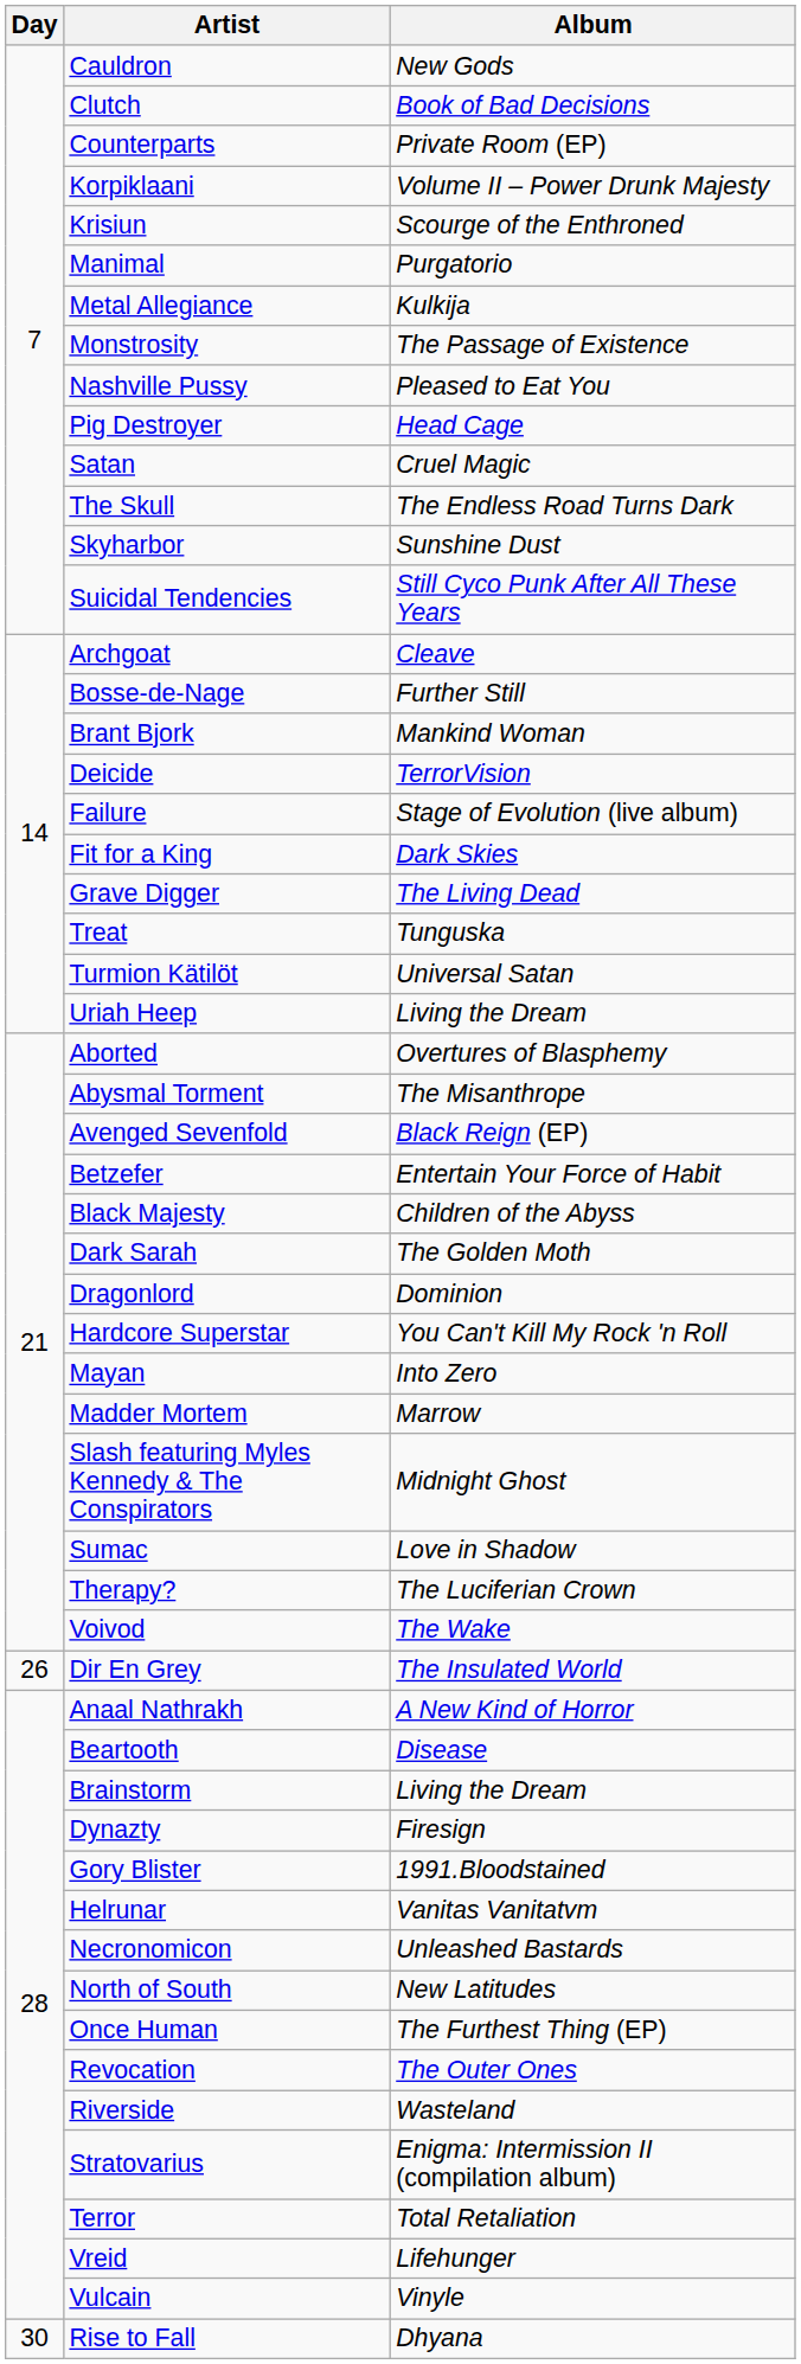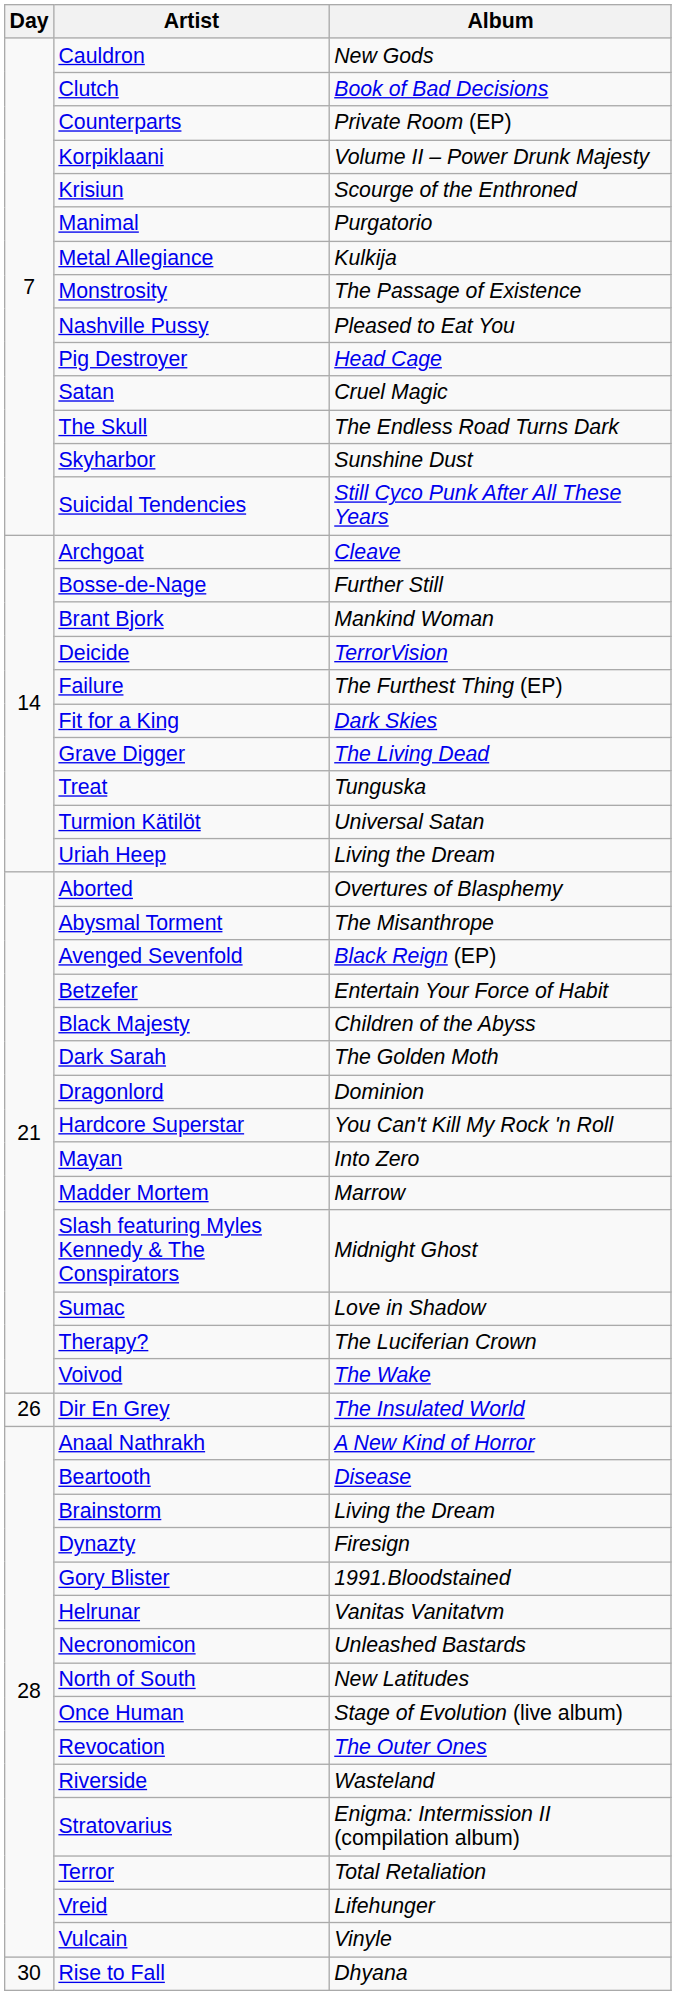 <table class="wikitable">
 <tr>
 <th style="width:20px;">Day</th>
 <th style="width:200px;">Artist</th>
 <th style="width:250px;">Album</th>
 </tr>
 <tr>
 <td style="text-align:center;" rowspan="14">7</td>
 <td><a href='#'>Cauldron</a></td>
 <td><em>New Gods</em></td>
 </tr>
 <tr>
 <td><a href='#'>Clutch</a></td>
 <td><em><a href='#'>Book of Bad Decisions</a></em></td>
 </tr>
 <tr>
 <td><a href='#'>Counterparts</a></td>
 <td><em>Private Room</em> (EP)</td>
 </tr>
 <tr>
 <td><a href='#'>Korpiklaani</a></td>
 <td><em>Volume II – Power Drunk Majesty</em></td>
 </tr>
 <tr>
 <td><a href='#'>Krisiun</a></td>
 <td><em>Scourge of the Enthroned</em></td>
 </tr>
 <tr>
 <td><a href='#'>Manimal</a></td>
 <td><em>Purgatorio</em></td>
 </tr>
 <tr>
 <td><a href='#'>Metal Allegiance</a></td>
 <td><em>Kulkija</em></td>
 </tr>
 <tr>
 <td><a href='#'>Monstrosity</a></td>
 <td><em>The Passage of Existence</em></td>
 </tr>
 <tr>
 <td><a href='#'>Nashville Pussy</a></td>
 <td><em>Pleased to Eat You</em></td>
 </tr>
 <tr>
 <td><a href='#'>Pig Destroyer</a></td>
 <td><em><a href='#'>Head Cage</a></em></td>
 </tr>
 <tr>
 <td><a href='#'>Satan</a></td>
 <td><em>Cruel Magic</em></td>
 </tr>
 <tr>
 <td><a href='#'>The Skull</a></td>
 <td><em>The Endless Road Turns Dark</em></td>
 </tr>
 <tr>
 <td><a href='#'>Skyharbor</a></td>
 <td><em>Sunshine Dust</em></td>
 </tr>
 <tr>
 <td><a href='#'>Suicidal Tendencies</a></td>
 <td><em><a href='#'>Still Cyco Punk After All These Years</a></em></td>
 </tr>
 <tr>
 <td style="text-align:center;" rowspan="10">14</td>
 <td><a href='#'>Archgoat</a></td>
 <td><em><a href='#'>Cleave</a></em></td>
 </tr>
 <tr>
 <td><a href='#'>Bosse-de-Nage</a></td>
 <td><em>Further Still</em></td>
 </tr>
 <tr>
 <td><a href='#'>Brant Bjork</a></td>
 <td><em>Mankind Woman</em></td>
 </tr>
 <tr>
 <td><a href='#'>Deicide</a></td>
 <td><em><a href='#'>TerrorVision</a></em></td>
 </tr>
 <tr>
 <td><a href='#'>Failure</a></td>
-<td><em>Stage of Evolution</em> (live album)</td>
+<td><em>The Furthest Thing</em> (EP)</td>
 </tr>
 <tr>
 <td><a href='#'>Fit for a King</a></td>
 <td><em><a href='#'>Dark Skies</a></em></td>
 </tr>
 <tr>
 <td><a href='#'>Grave Digger</a></td>
 <td><em><a href='#'>The Living Dead</a></em></td>
 </tr>
 <tr>
 <td><a href='#'>Treat</a></td>
 <td><em>Tunguska</em></td>
 </tr>
 <tr>
 <td><a href='#'>Turmion Kätilöt</a></td>
 <td><em>Universal Satan</em></td>
 </tr>
 <tr>
 <td><a href='#'>Uriah Heep</a></td>
 <td><em>Living the Dream</em></td>
 </tr>
 <tr>
 <td style="text-align:center;" rowspan="14">21</td>
 <td><a href='#'>Aborted</a></td>
 <td><em>Overtures of Blasphemy</em></td>
 </tr>
 <tr>
 <td><a href='#'>Abysmal Torment</a></td>
 <td><em>The Misanthrope</em></td>
 </tr>
 <tr>
 <td><a href='#'>Avenged Sevenfold</a></td>
 <td><em><a href='#'>Black Reign</a></em> (EP)</td>
 </tr>
 <tr>
 <td><a href='#'>Betzefer</a></td>
 <td><em>Entertain Your Force of Habit</em></td>
 </tr>
 <tr>
 <td><a href='#'>Black Majesty</a></td>
 <td><em>Children of the Abyss</em></td>
 </tr>
 <tr>
 <td><a href='#'>Dark Sarah</a></td>
 <td><em>The Golden Moth</em></td>
 </tr>
 <tr>
 <td><a href='#'>Dragonlord</a></td>
 <td><em>Dominion</em></td>
 </tr>
 <tr>
 <td><a href='#'>Hardcore Superstar</a></td>
 <td><em>You Can't Kill My Rock 'n Roll</em></td>
 </tr>
 <tr>
 <td><a href='#'>Mayan</a></td>
 <td><em>Into Zero</em></td>
 </tr>
 <tr>
 <td><a href='#'>Madder Mortem</a></td>
 <td><em>Marrow</em></td>
 </tr>
 <tr>
 <td><a href='#'>Slash featuring Myles Kennedy & The Conspirators</a></td>
 <td><em>Midnight Ghost</em></td>
 </tr>
 <tr>
 <td><a href='#'>Sumac</a></td>
 <td><em>Love in Shadow</em></td>
 </tr>
 <tr>
 <td><a href='#'>Therapy?</a></td>
 <td><em>The Luciferian Crown</em></td>
 </tr>
 <tr>
 <td><a href='#'>Voivod</a></td>
 <td><em><a href='#'>The Wake</a></em></td>
 </tr>
 <tr>
 <td style="text-align:center;" rowspan="1">26</td>
 <td><a href='#'>Dir En Grey</a></td>
 <td><em><a href='#'>The Insulated World</a></em></td>
 </tr>
 <tr>
 <td style="text-align:center;" rowspan="15">28</td>
 <td><a href='#'>Anaal Nathrakh</a></td>
 <td><em><a href='#'>A New Kind of Horror</a></em></td>
 </tr>
 <tr>
 <td><a href='#'>Beartooth</a></td>
 <td><em><a href='#'>Disease</a></em></td>
 </tr>
 <tr>
 <td><a href='#'>Brainstorm</a></td>
 <td><em>Living the Dream</em></td>
 </tr>
 <tr>
 <td><a href='#'>Dynazty</a></td>
 <td><em>Firesign</em></td>
 </tr>
 <tr>
 <td><a href='#'>Gory Blister</a></td>
 <td><em>1991.Bloodstained</em></td>
 </tr>
 <tr>
 <td><a href='#'>Helrunar</a></td>
 <td><em>Vanitas Vanitatvm</em></td>
 </tr>
 <tr>
 <td><a href='#'>Necronomicon</a></td>
 <td><em>Unleashed Bastards</em></td>
 </tr>
 <tr>
 <td><a href='#'>North of South</a></td>
 <td><em>New Latitudes</em></td>
 </tr>
 <tr>
 <td><a href='#'>Once Human</a></td>
-<td><em>The Furthest Thing</em> (EP)</td>
+<td><em>Stage of Evolution</em> (live album)</td>
 </tr>
 <tr>
 <td><a href='#'>Revocation</a></td>
 <td><em><a href='#'>The Outer Ones</a></em></td>
 </tr>
 <tr>
 <td><a href='#'>Riverside</a></td>
 <td><em>Wasteland</em></td>
 </tr>
 <tr>
 <td><a href='#'>Stratovarius</a></td>
 <td><em>Enigma: Intermission II</em> (compilation album)</td>
 </tr>
 <tr>
 <td><a href='#'>Terror</a></td>
 <td><em>Total Retaliation</em></td>
 </tr>
 <tr>
 <td><a href='#'>Vreid</a></td>
 <td><em>Lifehunger</em></td>
 </tr>
 <tr>
 <td><a href='#'>Vulcain</a></td>
 <td><em>Vinyle</em></td>
 </tr>
 <tr>
 <td style="text-align:center;">30</td>
 <td><a href='#'>Rise to Fall</a></td>
 <td><em>Dhyana</em></td>
 </tr>
 </table>
